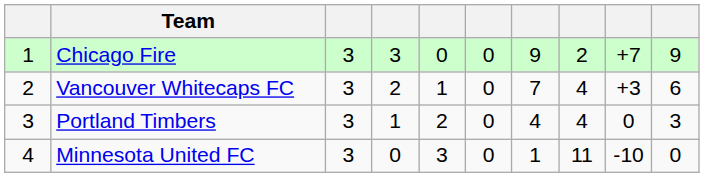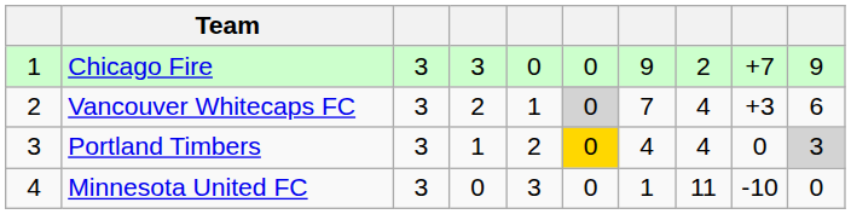 <table class="wikitable" style="text-align: center;">
 <tr>
 <th style="width:28px;"></th>
 <th style="width:200px;">Team</th>
 <th width="28"></th>
 <th width="28"></th>
 <th width="28"></th>
 <th width="28"></th>
 <th width="28"></th>
 <th width="28"></th>
 <th width="28"></th>
 <th width="28"></th>
 </tr>
 <tr bgcolor="#CCFFCC">
 <td>1</td>
 <td style="text-align:left;"> <a href='#'>Chicago Fire</a></td>
 <td>3</td>
 <td>3</td>
 <td>0</td>
 <td>0</td>
 <td>9</td>
 <td>2</td>
 <td>+7</td>
 <td>9</td>
 </tr>
 <tr>
 <td>2</td>
 <td style="text-align:left;"> <a href='#'>Vancouver Whitecaps FC</a></td>
 <td>3</td>
 <td>2</td>
 <td>1</td>
-<td>0</td>
+<td style="background: lightgrey;">0</td>
 <td>7</td>
 <td>4</td>
 <td>+3</td>
 <td>6</td>
 </tr>
 <tr>
 <td>3</td>
 <td style="text-align:left;"> <a href='#'>Portland Timbers</a></td>
 <td>3</td>
 <td>1</td>
 <td>2</td>
-<td>0</td>
+<td style="background: gold;">0</td>
 <td>4</td>
 <td>4</td>
 <td>0</td>
-<td>3</td>
+<td style="background: lightgrey;">3</td>
 </tr>
 <tr>
 <td>4</td>
 <td style="text-align:left;"> <a href='#'>Minnesota United FC</a></td>
 <td>3</td>
 <td>0</td>
 <td>3</td>
 <td>0</td>
 <td>1</td>
 <td>11</td>
 <td>-10</td>
 <td>0</td>
 </tr>
 </table>
